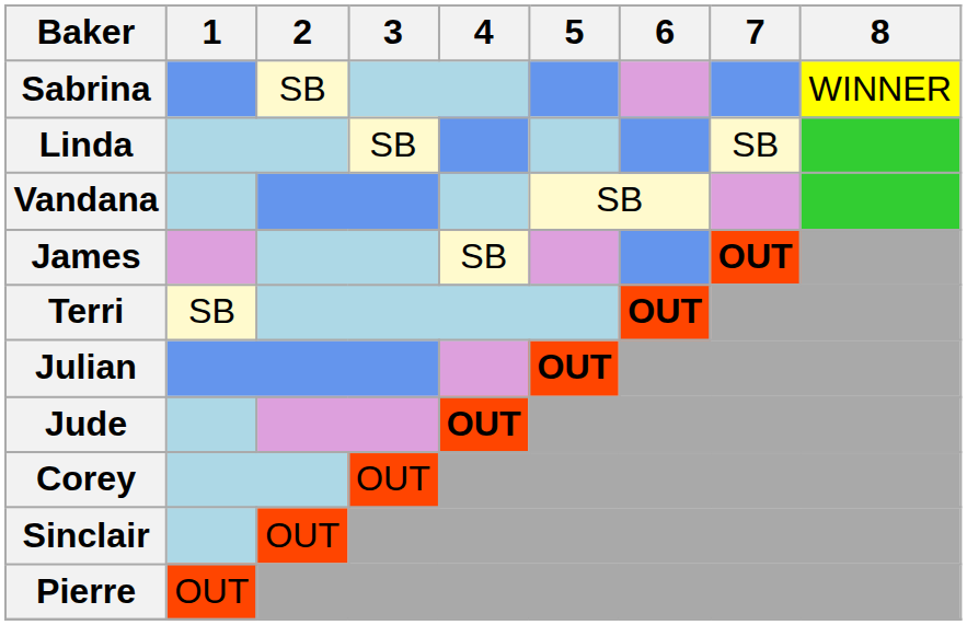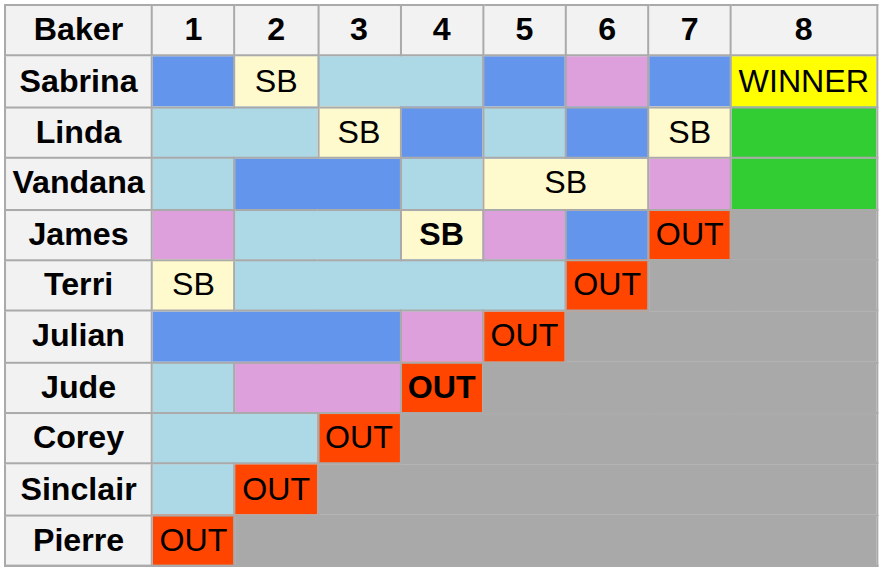 <table class="wikitable" style="text-align:center">
 <tr>
 <th scope="col">Baker</th>
 <th scope="col">1</th>
 <th scope="col">2</th>
 <th scope="col">3</th>
 <th scope="col">4</th>
 <th scope="col">5</th>
 <th scope="col">6</th>
 <th scope="col">7</th>
 <th scope="col">8</th>
 </tr>
 <tr>
 <th scope="row">Sabrina</th>
 <td style="background:Cornflowerblue;"></td>
 <td style="background:LemonChiffon;">SB</td>
 <td colspan="2" style="background:Lightblue;"></td>
 <td style="background:Cornflowerblue;"></td>
 <td style="background:Plum;"></td>
 <td style="background:Cornflowerblue;"></td>
 <td style="background:yellow;">WINNER</td>
 </tr>
 <tr>
 <th scope="row">Linda</th>
 <td colspan="2" style="background:Lightblue;"></td>
 <td style="background:LemonChiffon;">SB</td>
 <td style="background:Cornflowerblue;"></td>
 <td style="background:Lightblue;"></td>
 <td style="background:Cornflowerblue;"></td>
 <td style="background:LemonChiffon;">SB</td>
 <td style="background:limegreen;"></td>
 </tr>
 <tr>
 <th scope="row">Vandana</th>
 <td style="background:Lightblue;"></td>
 <td colspan="2" style="background:Cornflowerblue;"></td>
 <td style="background:Lightblue;"></td>
 <td colspan="2" style="background:LemonChiffon;">SB</td>
 <td style="background:Plum;"></td>
 <td style="background:limegreen;"></td>
 </tr>
 <tr>
 <th scope="row">James</th>
 <td style="background:Plum;"></td>
 <td colspan="2" style="background:Lightblue;"></td>
-<td style="background:LemonChiffon;">SB</td>
+<td style="background:LemonChiffon;"><strong>SB</strong></td>
 <td style="background:Plum;"></td>
 <td style="background:Cornflowerblue;"></td>
-<td style="background:orangered;"><strong>OUT</strong></td>
+<td style="background:orangered;">OUT</td>
 <td colspan="6" style="background:darkgrey;"></td>
 </tr>
 <tr>
 <th scope="row">Terri</th>
 <td style="background:LemonChiffon;">SB</td>
 <td colspan="4" style="background:Lightblue;"></td>
-<td style="background:orangered;"><strong>OUT</strong></td>
+<td style="background:orangered;">OUT</td>
 <td colspan="6" style="background:darkgrey;"></td>
 </tr>
 <tr>
 <th scope="row">Julian</th>
 <td colspan="3" style="background:Cornflowerblue;"></td>
 <td style="background:Plum;"></td>
-<td style="background:orangered;"><strong>OUT</strong></td>
+<td style="background:orangered;">OUT</td>
 <td colspan="6" style="background:darkgrey;"></td>
 </tr>
 <tr>
 <th scope="row">Jude</th>
 <td style="background:Lightblue;"></td>
 <td colspan="2" style="background:Plum;"></td>
 <td style="background:orangered;"><strong>OUT</strong></td>
 <td colspan="6" style="background:darkgrey;"></td>
 </tr>
 <tr>
 <th scope="row">Corey</th>
 <td colspan="2" style="background:Lightblue;"></td>
 <td style="background:orangered;">OUT</td>
 <td colspan="6" style="background:darkgrey;"></td>
 </tr>
 <tr>
 <th scope="row">Sinclair</th>
 <td style="background:Lightblue;"></td>
 <td style="background:orangered;">OUT</td>
 <td colspan="6" style="background:darkgrey;"></td>
 </tr>
 <tr>
 <th scope="row">Pierre</th>
 <td style="background:orangered;">OUT</td>
 <td colspan="7" style="background:darkgrey;"></td>
 </tr>
 <tr>
 </tr>
 </table>
